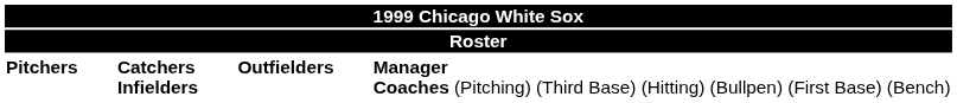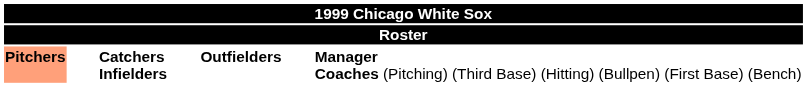 <table class="toccolours" style="font-size: 95%;">
 <tr>
 <th colspan="10" style="background-color: black; color: #FFFFFF; text-align: center;">1999 Chicago White Sox</th>
 </tr>
 <tr>
 <td colspan="10" style="background-color:black; color: white; text-align: center;"><strong>Roster</strong></td>
 </tr>
 <tr>
-<td valign="top"><strong>Pitchers</strong><br>                   </td>
+<td valign="top" style="background: lightsalmon;"><strong>Pitchers</strong><br>                   </td>
 <td width="25px"></td>
 <td valign="top"><strong>Catchers</strong><br>   <strong>Infielders</strong>        </td>
 <td width="25px"></td>
 <td valign="top"><strong>Outfielders</strong><br>       </td>
 <td width="25px"></td>
 <td valign="top"><strong>Manager</strong><br> <strong>Coaches</strong>  (Pitching)  (Third Base)  (Hitting)  (Bullpen)  (First Base)  (Bench) </td>
 </tr>
 </table>
